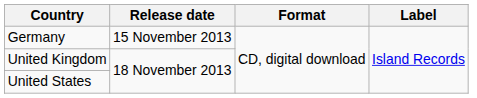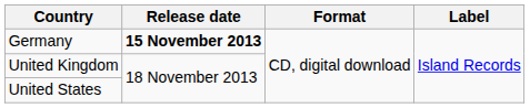 <table class="wikitable plainrowheaders">
 <tr>
 <th scope="col">Country</th>
 <th scope="col">Release date</th>
 <th scope="col">Format</th>
 <th scope="col">Label</th>
 </tr>
 <tr>
 <td>Germany</td>
-<td>15 November 2013</td>
+<td><strong>15 November 2013</strong></td>
 <td rowspan="3">CD, digital download</td>
 <td rowspan="3"><a href='#'>Island Records</a></td>
 </tr>
 <tr>
 <td>United Kingdom</td>
 <td rowspan=2>18 November 2013</td>
 </tr>
 <tr>
 <td>United States</td>
 </tr>
 </table>
